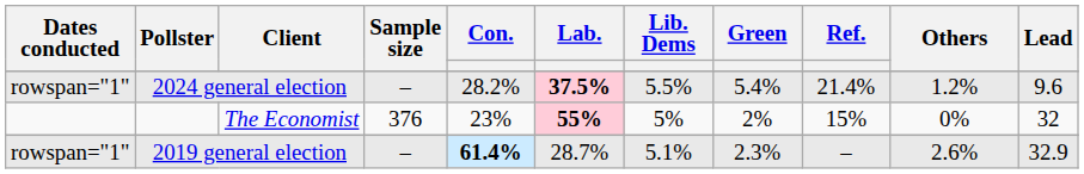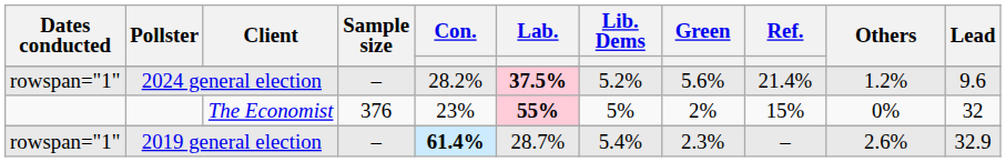 <table class="wikitable sortable mw-datatable" style="text-align:center; font-size:90%; line-height:14px;">
 <tr>
 <th rowspan="2">Dates <br>conducted</th>
 <th rowspan="2">Pollster</th>
 <th rowspan="2">Client</th>
 <th rowspan="2" data-sort-type="number">Sample <br>size</th>
 <th class="unsortable" style="width:50px;"><a href='#'>Con.</a></th>
 <th class="unsortable" style="width:50px;"><a href='#'>Lab.</a></th>
 <th class="unsortable" style="width:50px;"><a href='#'>Lib. Dems</a></th>
 <th class="unsortable" style="width:50px;"><a href='#'>Green</a></th>
 <th class="unsortable" style="width:50px;"><a href='#'>Ref.</a></th>
 <th rowspan="2" class="unsortable" style="width:75px;">Others</th>
 <th rowspan="2" data-sort-type="number">Lead</th>
 </tr>
 <tr>
 <th data-sort-type="number" style="background:"></th>
 <th data-sort-type="number" style="background:"></th>
 <th data-sort-type="number" style="background:"></th>
 <th data-sort-type="number" style="background:"></th>
 <th data-sort-type="number" style="background:"></th>
 </tr>
 <tr style="background:#e9e9e9;">
 </tr>
 <tr>
 </tr>
 <tr style="background:#e9e9e9;">
 <td>rowspan="1" </td>
 <td colspan="2" rowspan="1"><a href='#'>2024 general election</a></td>
 <td>–</td>
 <td>28.2%</td>
 <td style="background:#FFCCD9;"><strong>37.5%</strong></td>
-<td>5.5%</td>
-<td>5.4%</td>
+<td>5.2%</td>
+<td>5.6%</td>
 <td>21.4%</td>
 <td>1.2%</td>
 <td style="background:">9.6</td>
 </tr>
 <tr>
 <td></td>
 <td></td>
 <td><em><a href='#'>The Economist</a></em></td>
 <td>376</td>
 <td>23%</td>
 <td style="background:#FFCCD9;"><strong>55%</strong></td>
 <td>5%</td>
 <td>2%</td>
 <td>15%</td>
 <td>0%</td>
 <td style="background:">32</td>
 </tr>
 <tr style="background:#e9e9e9;">
 </tr>
 <tr>
 </tr>
 <tr style="background:#e9e9e9;">
 <td>rowspan="1" </td>
 <td colspan="2" rowspan="1"><a href='#'>2019 general election</a></td>
 <td>–</td>
 <td style="background:#CCEBFF;"><strong>61.4%</strong></td>
 <td>28.7%</td>
-<td>5.1%</td>
+<td>5.4%</td>
 <td>2.3%</td>
 <td>–</td>
 <td>2.6%</td>
 <td style="background:">32.9</td>
 </tr>
 </table>
